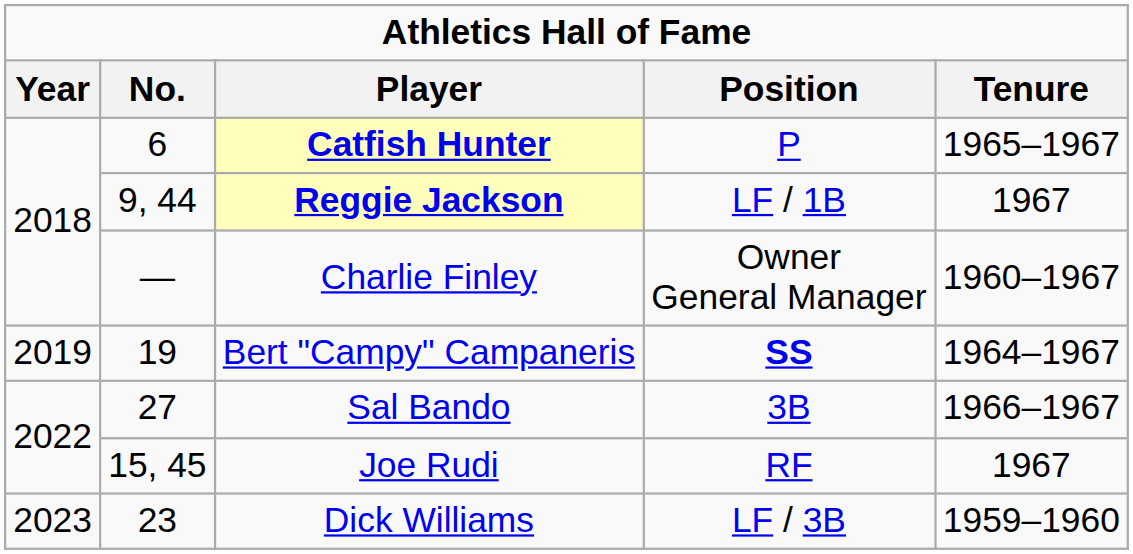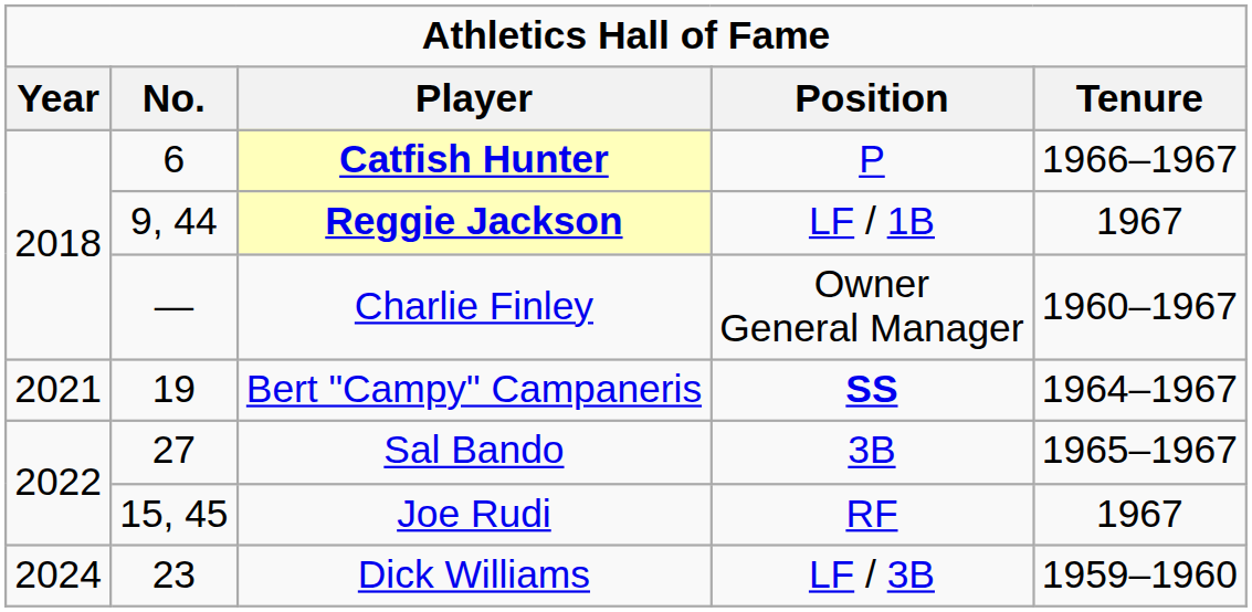 <table class="wikitable" style="text-align:center">
 <tr>
 <td colspan="5"><strong>Athletics Hall of Fame</strong></td>
 </tr>
 <tr>
 <th>Year</th>
 <th>No.</th>
 <th>Player</th>
 <th>Position</th>
 <th>Tenure</th>
 </tr>
 <tr>
 <td rowspan="3">2018</td>
 <td>6</td>
 <td style="background:#ffb;"><strong><a href='#'>Catfish Hunter</a></strong></td>
 <td><a href='#'>P</a></td>
-<td>1965–1967</td>
+<td>1966–1967</td>
 </tr>
 <tr>
 <td>9, 44</td>
 <td style="background:#ffb;"><strong><a href='#'>Reggie Jackson</a></strong></td>
 <td><a href='#'>LF</a> / <a href='#'>1B</a></td>
 <td>1967</td>
 </tr>
 <tr>
 <td>—</td>
 <td><a href='#'>Charlie Finley</a></td>
 <td>Owner<br>General Manager</td>
 <td>1960–1967</td>
 </tr>
 <tr>
-<td>2019</td>
+<td>2021</td>
 <td>19</td>
 <td><a href='#'>Bert "Campy" Campaneris</a></td>
 <td><strong><a href='#'>SS</a></strong></td>
 <td>1964–1967</td>
 </tr>
 <tr>
 <td rowspan="2">2022</td>
 <td>27</td>
 <td><a href='#'>Sal Bando</a></td>
 <td><a href='#'>3B</a></td>
-<td>1966–1967</td>
+<td>1965–1967</td>
 </tr>
 <tr>
 <td>15, 45</td>
 <td><a href='#'>Joe Rudi</a></td>
 <td><a href='#'>RF</a></td>
 <td>1967</td>
 </tr>
 <tr>
-<td>2023</td>
+<td>2024</td>
 <td>23</td>
 <td><a href='#'>Dick Williams</a></td>
 <td><a href='#'>LF</a> / <a href='#'>3B</a></td>
 <td>1959–1960</td>
 </tr>
 </table>
